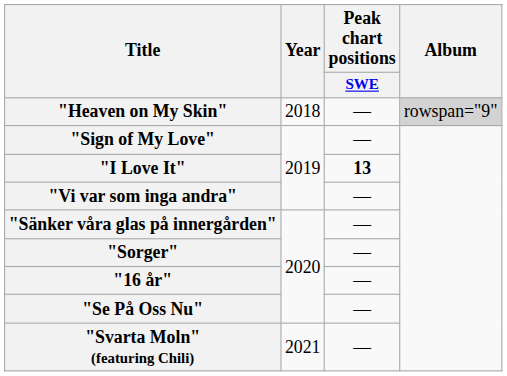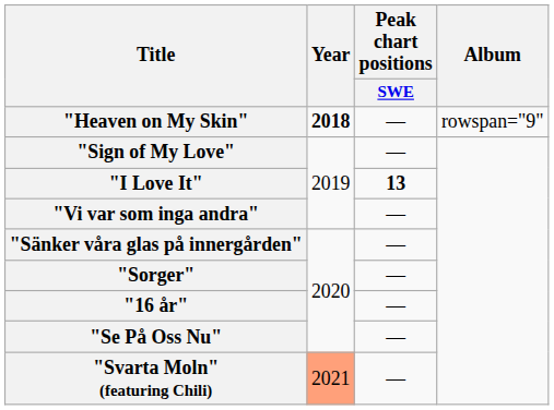 <table class="wikitable plainrowheaders" style="text-align:center;">
 <tr>
 <th scope="col" rowspan="2">Title</th>
 <th scope="col" rowspan="2">Year</th>
 <th scope="col" colspan="1">Peak chart positions</th>
 <th scope="col" rowspan="2">Album</th>
 </tr>
 <tr>
 <th scope="col" style="width:3em;font-size:85%;"><a href='#'>SWE</a><br></th>
 </tr>
 <tr>
 <th scope="row">"Heaven on My Skin"</th>
-<td>2018</td>
+<td><strong>2018</strong></td>
 <td>—</td>
-<td style="background: lightgrey;">rowspan="9" </td>
+<td>rowspan="9" </td>
 </tr>
 <tr>
 <th scope="row">"Sign of My Love"</th>
 <td rowspan="3">2019</td>
 <td>—</td>
 </tr>
 <tr>
 <th scope="row">"I Love It"</th>
 <td><strong>13</strong></td>
 </tr>
 <tr>
 <th scope="row">"Vi var som inga andra"</th>
 <td>—</td>
 </tr>
 <tr>
 <th scope="row">"Sänker våra glas på innergården"</th>
 <td rowspan="4">2020</td>
 <td>—</td>
 </tr>
 <tr>
 <th scope="row">"Sorger"</th>
 <td>—</td>
 </tr>
 <tr>
 <th scope="row">"16 år"</th>
 <td>—</td>
 </tr>
 <tr>
 <th scope="row">"Se På Oss Nu"</th>
 <td>—</td>
 </tr>
 <tr>
 <th scope="row">"Svarta Moln"<br><small>(featuring Chili)</small></th>
-<td rowspan="1">2021</td>
+<td rowspan="1" style="background: lightsalmon;">2021</td>
 <td>—</td>
 </tr>
 </table>
